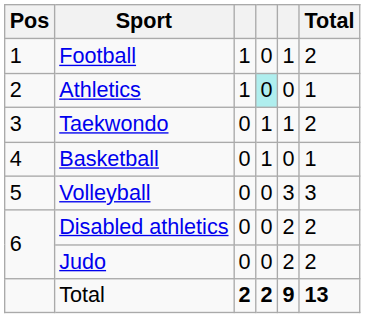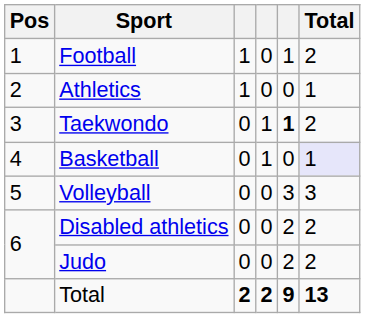 <table class="wikitable">
 <tr>
 <th>Pos</th>
 <th>Sport</th>
 <th bgcolor="gold"></th>
 <th bgcolor="silver"></th>
 <th bgcolor="CC9966"></th>
 <th>Total</th>
 </tr>
 <tr>
 <td>1</td>
 <td><a href='#'>Football</a></td>
 <td>1</td>
 <td>0</td>
 <td>1</td>
 <td>2</td>
 </tr>
 <tr>
 <td>2</td>
 <td><a href='#'>Athletics</a></td>
 <td>1</td>
-<td style="background: paleturquoise;">0</td>
+<td>0</td>
 <td>0</td>
 <td>1</td>
 </tr>
 <tr>
 <td>3</td>
 <td><a href='#'>Taekwondo</a></td>
 <td>0</td>
 <td>1</td>
-<td>1</td>
+<td><strong>1</strong></td>
 <td>2</td>
 </tr>
 <tr>
 <td>4</td>
 <td><a href='#'>Basketball</a></td>
 <td>0</td>
 <td>1</td>
 <td>0</td>
-<td>1</td>
+<td style="background: lavender;">1</td>
 </tr>
 <tr>
 <td>5</td>
 <td><a href='#'>Volleyball</a></td>
 <td>0</td>
 <td>0</td>
 <td>3</td>
 <td>3</td>
 </tr>
 <tr>
 <td rowspan=2>6</td>
 <td><a href='#'>Disabled athletics</a></td>
 <td>0</td>
 <td>0</td>
 <td>2</td>
 <td>2</td>
 </tr>
 <tr>
 <td><a href='#'>Judo</a></td>
 <td>0</td>
 <td>0</td>
 <td>2</td>
 <td>2</td>
 </tr>
 <tr>
 <td></td>
 <td>Total</td>
 <td><strong> 2 </strong></td>
 <td><strong> 2 </strong></td>
 <td><strong> 9 </strong></td>
 <td><strong>13</strong></td>
 </tr>
 </table>
